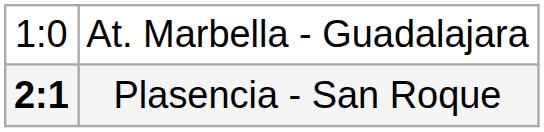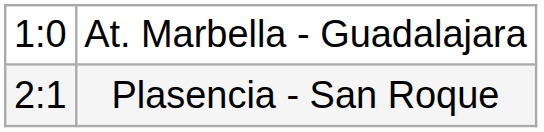 <table class="wikitable">
 <tr align=center bgcolor=white>
 <td>1:0</td>
 <td>At. Marbella - Guadalajara</td>
 </tr>
 <tr align=center bgcolor=#F5F5F5>
-<td><strong>2:1</strong></td>
+<td>2:1</td>
 <td>Plasencia - San Roque</td>
 </tr>
 </table>
